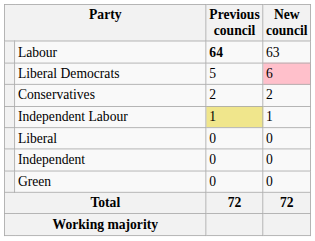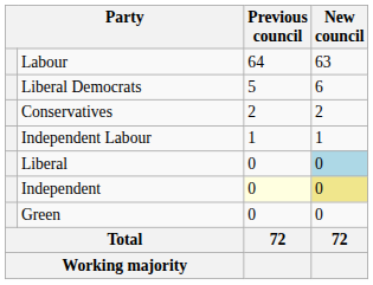 <table class="wikitable">
 <tr>
 <th valign=top colspan="2" style="width: 230px">Party</th>
 <th valign=top style="width: 30px">Previous council</th>
 <th valign=top style="width: 30px">New council</th>
 </tr>
 <tr>
 <th style="background-color: "></th>
 <td>Labour</td>
-<td><strong>64</strong></td>
+<td>64</td>
 <td>63</td>
 </tr>
 <tr>
 <th style="background-color: "></th>
 <td>Liberal Democrats</td>
 <td>5</td>
-<td style="background: pink;">6</td>
+<td>6</td>
 </tr>
 <tr>
 <th style="background-color: "></th>
 <td>Conservatives</td>
 <td>2</td>
 <td>2</td>
 </tr>
 <tr>
 <th style="background-color: "></th>
 <td>Independent Labour</td>
-<td style="background: khaki;">1</td>
+<td>1</td>
 <td>1</td>
 </tr>
 <tr>
 <th style="background-color: "></th>
 <td>Liberal</td>
 <td>0</td>
-<td>0</td>
+<td style="background: lightblue;">0</td>
 </tr>
 <tr>
 <th style="background-color: "></th>
 <td>Independent</td>
-<td>0</td>
-<td>0</td>
+<td style="background: lightyellow;">0</td>
+<td style="background: khaki;">0</td>
 </tr>
 <tr>
 <th style="background-color: "></th>
 <td>Green</td>
 <td>0</td>
 <td>0</td>
 </tr>
 <tr>
 <th colspan=2>Total</th>
 <th style="text-align: center">72</th>
 <th colspan=3>72</th>
 </tr>
 <tr>
 <th colspan=2>Working majority</th>
 <th></th>
 <th></th>
 </tr>
 </table>
